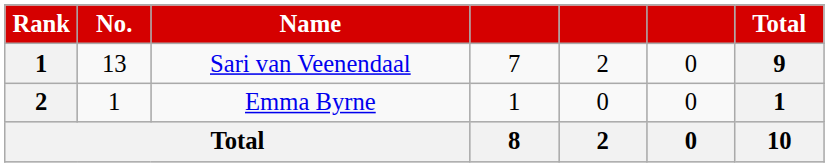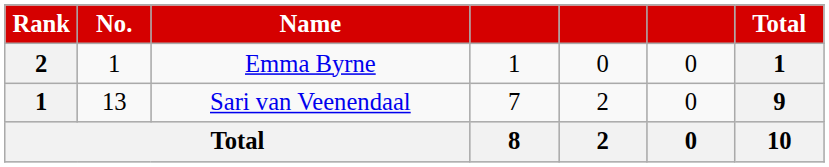 <table class="wikitable" style="text-align:center; font-size:100%; ">
 <tr>
 <th style="background:#d50000; color:white; text-align:center; width:40px">Rank</th>
 <th style="background:#d50000; color:white; text-align:center; width:40px">No.</th>
 <th style="background:#d50000; color:white; text-align:center; width:200px">Name</th>
 <th style="background:#d50000; color:white; text-align:center; width:50px;"><a href='#'></a></th>
 <th style="background:#d50000; color:white; text-align:center; width:50px;"><a href='#'></a></th>
 <th style="background:#d50000; color:white; text-align:center; width:50px;"></th>
 <th style="background:#d50000; color:white; text-align:center; width:50px;">Total</th>
 </tr>
 <tr>
+<th>2</th>
+<td>1</td>
+<td> <a href='#'>Emma Byrne</a></td>
+<td>1</td>
+<td>0</td>
+<td>0</td>
+<th>1</th>
+</tr>
+<tr>
 <th>1</th>
 <td>13</td>
 <td> <a href='#'>Sari van Veenendaal</a></td>
 <td>7</td>
 <td>2</td>
 <td>0</td>
 <th>9</th>
 </tr>
 <tr>
-<th>2</th>
-<td>1</td>
-<td> <a href='#'>Emma Byrne</a></td>
-<td>1</td>
-<td>0</td>
-<td>0</td>
-<th>1</th>
-</tr>
-<tr>
 <th colspan="3">Total</th>
 <th>8</th>
 <th>2</th>
 <th>0</th>
 <th>10</th>
 </tr>
 </table>
